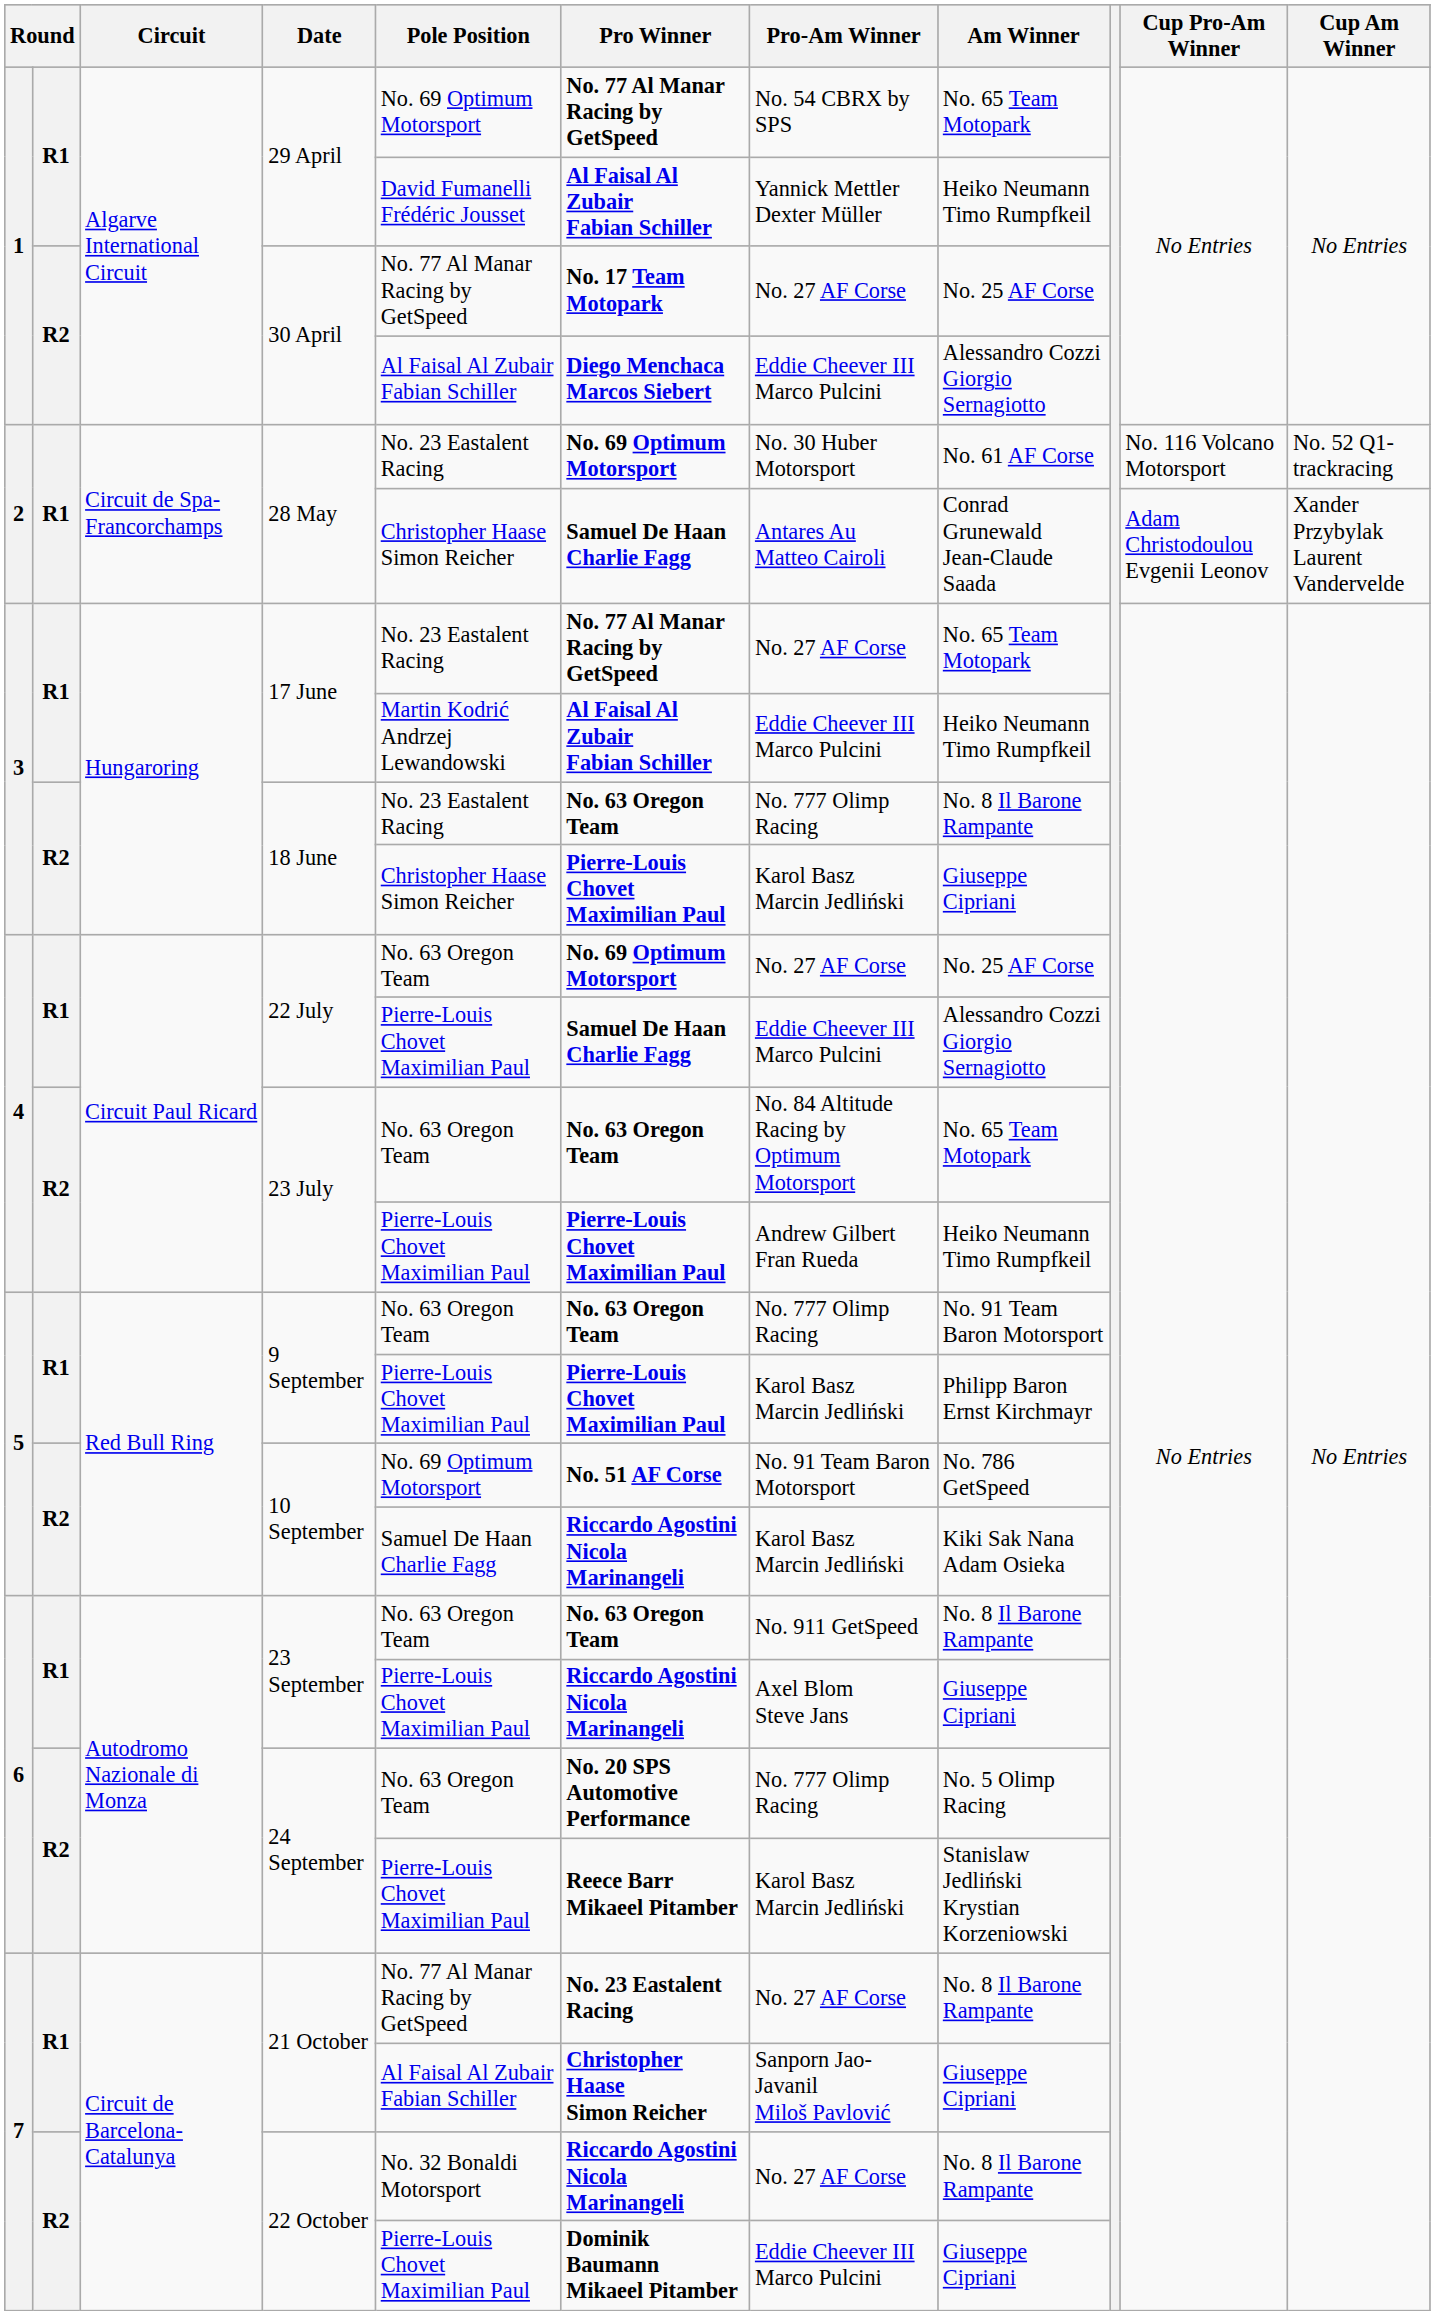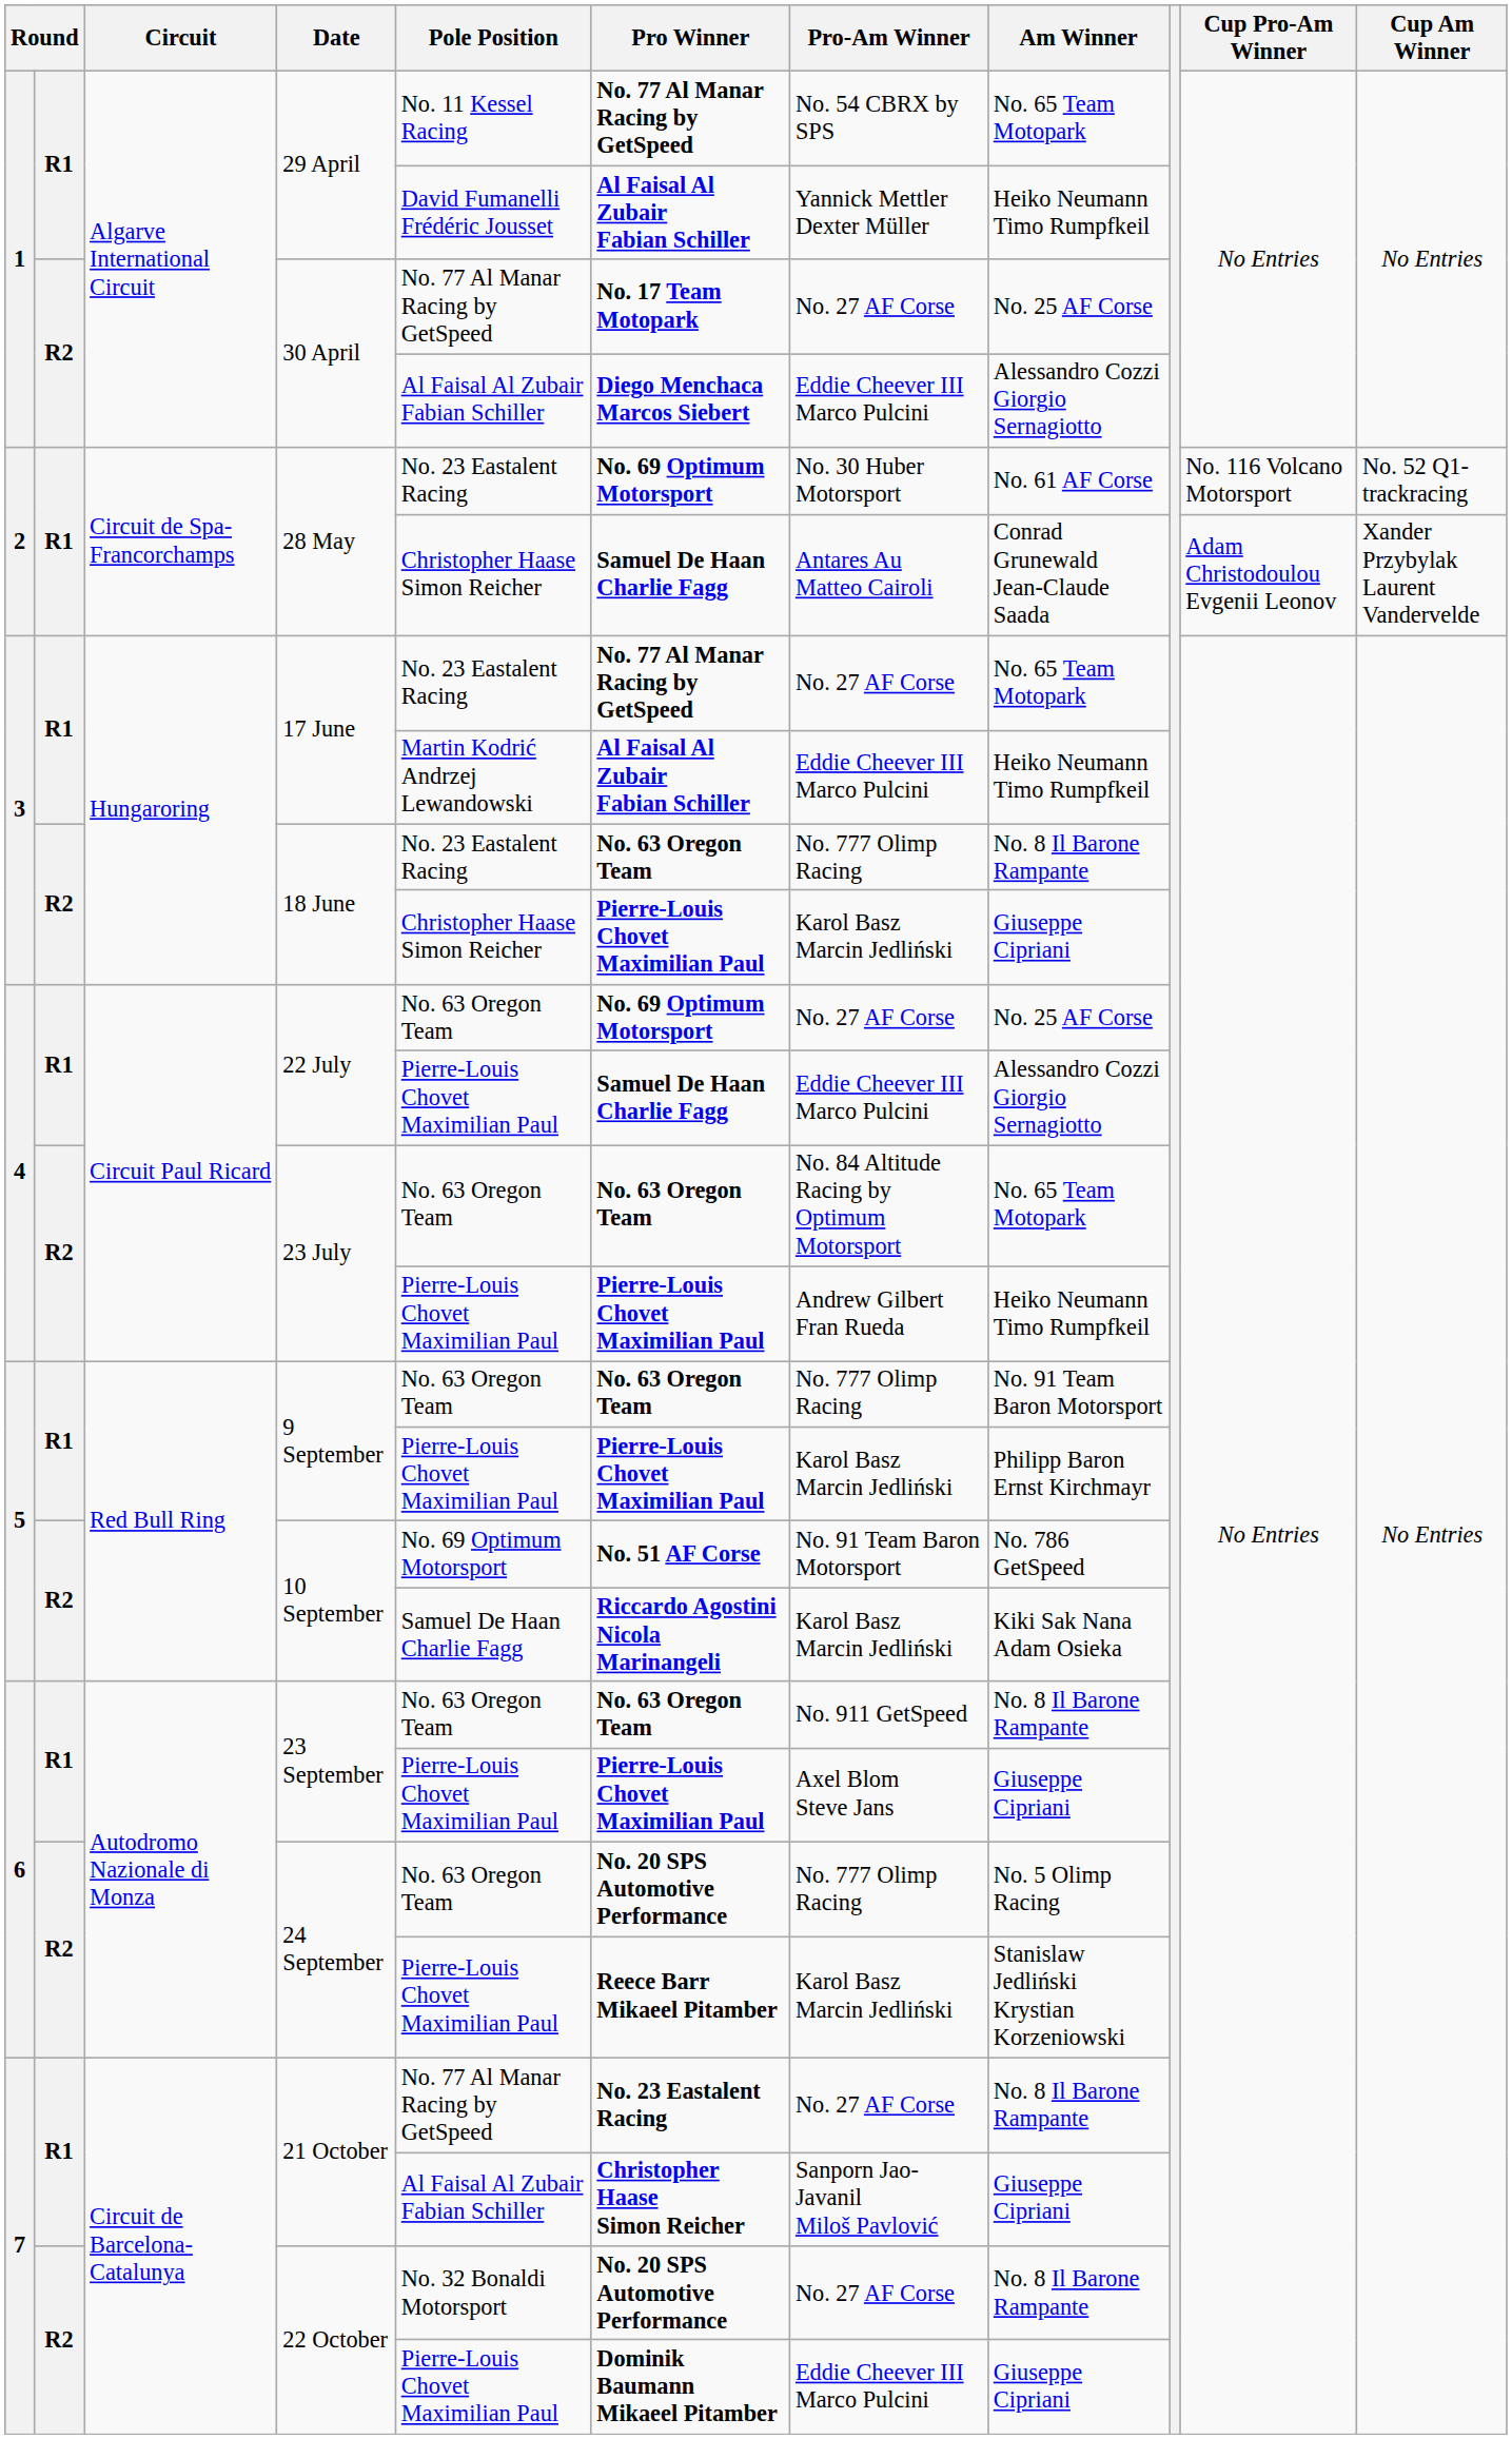 <table class="wikitable" style="font-size: 85%;">
 <tr>
 <th colspan="2">Round</th>
 <th>Circuit</th>
 <th>Date</th>
 <th>Pole Position</th>
 <th>Pro Winner</th>
 <th>Pro-Am Winner</th>
 <th>Am Winner</th>
 <th rowspan="29"></th>
 <th>Cup Pro-Am Winner</th>
 <th>Cup Am Winner</th>
 </tr>
 <tr>
 <th rowspan="4">1</th>
 <th rowspan="2">R1</th>
 <td rowspan="4"> <a href='#'>Algarve International Circuit</a></td>
 <td rowspan="2">29 April</td>
-<td> No. 69 <a href='#'>Optimum Motorsport</a></td>
+<td> No. 11 <a href='#'>Kessel Racing</a></td>
 <td><strong> No. 77 Al Manar Racing by GetSpeed</strong></td>
 <td> No. 54 CBRX by SPS</td>
 <td> No. 65 <a href='#'>Team Motopark</a></td>
 <td rowspan=4 align=center><em>No Entries</em></td>
 <td rowspan=4 align=center><em>No Entries</em></td>
 </tr>
 <tr>
 <td> <a href='#'>David Fumanelli</a><br> <a href='#'>Frédéric Jousset</a></td>
 <td><strong> <a href='#'>Al Faisal Al Zubair</a><br> <a href='#'>Fabian Schiller</a></strong></td>
 <td> Yannick Mettler<br> Dexter Müller</td>
 <td> Heiko Neumann<br> Timo Rumpfkeil</td>
 </tr>
 <tr>
 <th rowspan="2">R2</th>
 <td rowspan="2">30 April</td>
 <td> No. 77 Al Manar Racing by GetSpeed</td>
 <td><strong> No. 17 <a href='#'>Team Motopark</a></strong></td>
 <td> No. 27 <a href='#'>AF Corse</a></td>
 <td> No. 25 <a href='#'>AF Corse</a></td>
 </tr>
 <tr>
 <td> <a href='#'>Al Faisal Al Zubair</a><br> <a href='#'>Fabian Schiller</a></td>
 <td><strong> <a href='#'>Diego Menchaca</a><br> <a href='#'>Marcos Siebert</a></strong></td>
 <td> <a href='#'>Eddie Cheever III</a><br> Marco Pulcini</td>
 <td> Alessandro Cozzi<br> <a href='#'>Giorgio Sernagiotto</a></td>
 </tr>
 <tr>
 <th rowspan="2">2</th>
 <th rowspan="2">R1</th>
 <td rowspan="2"> <a href='#'>Circuit de Spa-Francorchamps</a></td>
 <td rowspan="2">28 May</td>
 <td> No. 23 Eastalent Racing</td>
 <td><strong> No. 69 <a href='#'>Optimum Motorsport</a></strong></td>
 <td> No. 30 Huber Motorsport</td>
 <td> No. 61 <a href='#'>AF Corse</a></td>
 <td> No. 116 Volcano Motorsport</td>
 <td> No. 52 Q1-trackracing</td>
 </tr>
 <tr>
 <td> <a href='#'>Christopher Haase</a><br> Simon Reicher</td>
 <td><strong> Samuel De Haan<br> <a href='#'>Charlie Fagg</a></strong></td>
 <td> <a href='#'>Antares Au</a><br> <a href='#'>Matteo Cairoli</a></td>
 <td> Conrad Grunewald<br> Jean-Claude Saada</td>
 <td> <a href='#'>Adam Christodoulou</a><br> Evgenii Leonov</td>
 <td> Xander Przybylak<br> Laurent Vandervelde</td>
 </tr>
 <tr>
 <th rowspan="4">3</th>
 <th rowspan="2">R1</th>
 <td rowspan="4"> <a href='#'>Hungaroring</a></td>
 <td rowspan="2">17 June</td>
 <td> No. 23 Eastalent Racing</td>
 <td><strong> No. 77 Al Manar Racing by GetSpeed</strong></td>
 <td> No. 27 <a href='#'>AF Corse</a></td>
 <td> No. 65 <a href='#'>Team Motopark</a></td>
 <td rowspan=20 align=center><em>No Entries</em></td>
 <td rowspan=20 align=center><em>No Entries</em></td>
 </tr>
 <tr>
 <td> <a href='#'>Martin Kodrić</a><br> Andrzej Lewandowski</td>
 <td><strong> <a href='#'>Al Faisal Al Zubair</a><br> <a href='#'>Fabian Schiller</a></strong></td>
 <td> <a href='#'>Eddie Cheever III</a><br> Marco Pulcini</td>
 <td> Heiko Neumann<br> Timo Rumpfkeil</td>
 </tr>
 <tr>
 <th rowspan="2">R2</th>
 <td rowspan="2">18 June</td>
 <td> No. 23 Eastalent Racing</td>
 <td><strong> No. 63 Oregon Team</strong></td>
 <td> No. 777 Olimp Racing</td>
 <td> No. 8 <a href='#'>Il Barone Rampante</a></td>
 </tr>
 <tr>
 <td> <a href='#'>Christopher Haase</a><br> Simon Reicher</td>
 <td><strong> <a href='#'>Pierre-Louis Chovet</a><br> <a href='#'>Maximilian Paul</a></strong></td>
 <td> Karol Basz<br> Marcin Jedliński</td>
 <td> <a href='#'>Giuseppe Cipriani</a></td>
 </tr>
 <tr>
 <th rowspan="4">4</th>
 <th rowspan="2">R1</th>
 <td rowspan="4"> <a href='#'>Circuit Paul Ricard</a></td>
 <td rowspan="2">22 July</td>
 <td> No. 63 Oregon Team</td>
 <td><strong> No. 69 <a href='#'>Optimum Motorsport</a></strong></td>
 <td> No. 27 <a href='#'>AF Corse</a></td>
 <td> No. 25 <a href='#'>AF Corse</a></td>
 </tr>
 <tr>
 <td> <a href='#'>Pierre-Louis Chovet</a><br> <a href='#'>Maximilian Paul</a></td>
 <td><strong> Samuel De Haan<br> <a href='#'>Charlie Fagg</a></strong></td>
 <td> <a href='#'>Eddie Cheever III</a><br> Marco Pulcini</td>
 <td> Alessandro Cozzi<br> <a href='#'>Giorgio Sernagiotto</a></td>
 </tr>
 <tr>
 <th rowspan="2">R2</th>
 <td rowspan="2">23 July</td>
 <td> No. 63 Oregon Team</td>
 <td><strong> No. 63 Oregon Team</strong></td>
 <td> No. 84 Altitude Racing by <a href='#'>Optimum Motorsport</a></td>
 <td> No. 65 <a href='#'>Team Motopark</a></td>
 </tr>
 <tr>
 <td> <a href='#'>Pierre-Louis Chovet</a><br> <a href='#'>Maximilian Paul</a></td>
 <td><strong> <a href='#'>Pierre-Louis Chovet</a><br> <a href='#'>Maximilian Paul</a></strong></td>
 <td> Andrew Gilbert<br> Fran Rueda</td>
 <td> Heiko Neumann<br> Timo Rumpfkeil</td>
 </tr>
 <tr>
 <th rowspan="4">5</th>
 <th rowspan="2">R1</th>
 <td rowspan="4"> <a href='#'>Red Bull Ring</a></td>
 <td rowspan="2">9 September</td>
 <td> No. 63 Oregon Team</td>
 <td><strong> No. 63 Oregon Team</strong></td>
 <td> No. 777 Olimp Racing</td>
 <td> No. 91 Team Baron Motorsport</td>
 </tr>
 <tr>
 <td> <a href='#'>Pierre-Louis Chovet</a><br> <a href='#'>Maximilian Paul</a></td>
 <td><strong> <a href='#'>Pierre-Louis Chovet</a><br> <a href='#'>Maximilian Paul</a></strong></td>
 <td> Karol Basz<br> Marcin Jedliński</td>
 <td> Philipp Baron<br> Ernst Kirchmayr</td>
 </tr>
 <tr>
 <th rowspan="2">R2</th>
 <td rowspan="2">10 September</td>
 <td> No. 69 <a href='#'>Optimum Motorsport</a></td>
 <td><strong> No. 51 <a href='#'>AF Corse</a></strong></td>
 <td> No. 91 Team Baron Motorsport</td>
 <td> No. 786 GetSpeed</td>
 </tr>
 <tr>
 <td> Samuel De Haan<br> <a href='#'>Charlie Fagg</a></td>
 <td><strong> <a href='#'>Riccardo Agostini</a><br> <a href='#'>Nicola Marinangeli</a></strong></td>
 <td> Karol Basz<br> Marcin Jedliński</td>
 <td> Kiki Sak Nana<br> Adam Osieka</td>
 </tr>
 <tr>
 <th rowspan="4">6</th>
 <th rowspan="2">R1</th>
 <td rowspan="4"> <a href='#'>Autodromo Nazionale di Monza</a></td>
 <td rowspan="2">23 September</td>
 <td> No. 63 Oregon Team</td>
 <td><strong> No. 63 Oregon Team</strong></td>
 <td> No. 911 GetSpeed</td>
 <td> No. 8 <a href='#'>Il Barone Rampante</a></td>
 </tr>
 <tr>
 <td> <a href='#'>Pierre-Louis Chovet</a><br> <a href='#'>Maximilian Paul</a></td>
-<td><strong> <a href='#'>Riccardo Agostini</a><br> <a href='#'>Nicola Marinangeli</a></strong></td>
+<td><strong> <a href='#'>Pierre-Louis Chovet</a><br> <a href='#'>Maximilian Paul</a></strong></td>
 <td> Axel Blom<br> Steve Jans</td>
 <td> <a href='#'>Giuseppe Cipriani</a></td>
 </tr>
 <tr>
 <th rowspan="2">R2</th>
 <td rowspan="2">24 September</td>
 <td> No. 63 Oregon Team</td>
 <td><strong> No. 20 SPS Automotive Performance</strong></td>
 <td> No. 777 Olimp Racing</td>
 <td> No. 5 Olimp Racing</td>
 </tr>
 <tr>
 <td> <a href='#'>Pierre-Louis Chovet</a><br> <a href='#'>Maximilian Paul</a></td>
 <td><strong> Reece Barr<br> Mikaeel Pitamber</strong></td>
 <td> Karol Basz<br> Marcin Jedliński</td>
 <td> Stanislaw Jedliński<br> Krystian Korzeniowski</td>
 </tr>
 <tr>
 <th rowspan="4">7</th>
 <th rowspan="2">R1</th>
 <td rowspan="4"> <a href='#'>Circuit de Barcelona-Catalunya</a></td>
 <td rowspan="2">21 October</td>
 <td> No. 77 Al Manar Racing by GetSpeed</td>
 <td><strong> No. 23 Eastalent Racing</strong></td>
 <td> No. 27 <a href='#'>AF Corse</a></td>
 <td> No. 8 <a href='#'>Il Barone Rampante</a></td>
 </tr>
 <tr>
 <td> <a href='#'>Al Faisal Al Zubair</a><br> <a href='#'>Fabian Schiller</a></td>
 <td><strong> <a href='#'>Christopher Haase</a><br> Simon Reicher</strong></td>
 <td> Sanporn Jao-Javanil<br> <a href='#'>Miloš Pavlović</a></td>
 <td> <a href='#'>Giuseppe Cipriani</a></td>
 </tr>
 <tr>
 <th rowspan="2">R2</th>
 <td rowspan="2">22 October</td>
 <td> No. 32 Bonaldi Motorsport</td>
-<td><strong> <a href='#'>Riccardo Agostini</a><br> <a href='#'>Nicola Marinangeli</a></strong></td>
+<td><strong> No. 20 SPS Automotive Performance</strong></td>
 <td> No. 27 <a href='#'>AF Corse</a></td>
 <td> No. 8 <a href='#'>Il Barone Rampante</a></td>
 </tr>
 <tr>
 <td> <a href='#'>Pierre-Louis Chovet</a><br> <a href='#'>Maximilian Paul</a></td>
 <td><strong> Dominik Baumann<br> Mikaeel Pitamber</strong></td>
 <td> <a href='#'>Eddie Cheever III</a><br> Marco Pulcini</td>
 <td> <a href='#'>Giuseppe Cipriani</a></td>
 </tr>
 </table>
